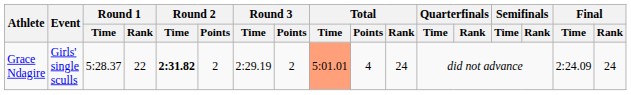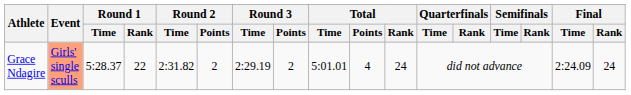 <table class="wikitable" style="font-size:90%">
 <tr>
 <th rowspan="2">Athlete</th>
 <th rowspan="2">Event</th>
 <th colspan="2">Round 1</th>
 <th colspan="2">Round 2</th>
 <th colspan="2">Round 3</th>
 <th colspan="3">Total</th>
 <th colspan="2">Quarterfinals</th>
 <th colspan="2">Semifinals</th>
 <th colspan="2">Final</th>
 </tr>
 <tr style="font-size:95%">
 <th>Time</th>
 <th>Rank</th>
 <th>Time</th>
 <th>Points</th>
 <th>Time</th>
 <th>Points</th>
 <th>Time</th>
 <th>Points</th>
 <th>Rank</th>
 <th>Time</th>
 <th>Rank</th>
 <th>Time</th>
 <th>Rank</th>
 <th>Time</th>
 <th>Rank</th>
 </tr>
 <tr align=center>
 <td align=left><a href='#'>Grace Ndagire</a></td>
-<td align=left><a href='#'>Girls' single sculls</a></td>
+<td align=left style="background: lightsalmon;"><a href='#'>Girls' single sculls</a></td>
 <td>5:28.37</td>
 <td>22</td>
-<td><strong>2:31.82</strong></td>
+<td>2:31.82</td>
 <td>2</td>
 <td>2:29.19</td>
 <td>2</td>
-<td style="background: lightsalmon;">5:01.01</td>
+<td>5:01.01</td>
 <td>4</td>
 <td>24</td>
 <td Colspan=4><em>did not advance</em></td>
 <td>2:24.09</td>
 <td>24</td>
 </tr>
 </table>
